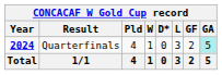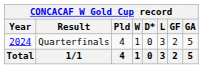 <table class="wikitable"  style="text-align:center;">
 <tr>
 <th colspan=8><a href='#'>CONCACAF W Gold Cup</a> record</th>
 </tr>
 <tr>
 <th>Year</th>
 <th>Result</th>
 <th>Pld</th>
 <th>W</th>
 <th>D*</th>
 <th>L</th>
 <th>GF</th>
 <th>GA</th>
 </tr>
 <tr>
-<td><strong> <a href='#'>2024</a></strong></td>
+<td> <a href='#'>2024</a></td>
 <td>Quarterfinals</td>
 <td>4</td>
 <td>1</td>
 <td>0</td>
 <td>3</td>
 <td>2</td>
-<td style="background: paleturquoise;">5</td>
+<td>5</td>
 </tr>
 <tr>
 <th>Total</th>
 <th>1/1</th>
 <th>4</th>
 <th>1</th>
 <th>0</th>
 <th>3</th>
 <th>2</th>
 <th>5</th>
 </tr>
 </table>
